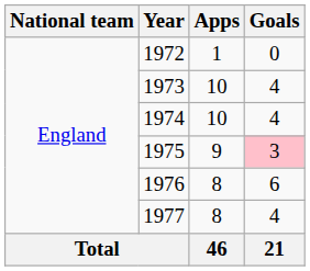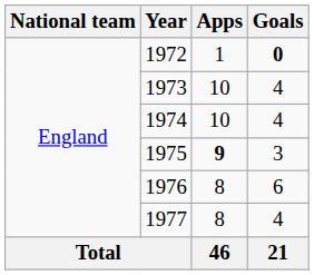 <table class="wikitable" style="text-align: center;">
 <tr>
 <th>National team</th>
 <th>Year</th>
 <th>Apps</th>
 <th>Goals</th>
 </tr>
 <tr>
 <td rowspan="6"><a href='#'>England</a></td>
 <td>1972</td>
 <td>1</td>
-<td>0</td>
+<td><strong>0</strong></td>
 </tr>
 <tr>
 <td>1973</td>
 <td>10</td>
 <td>4</td>
 </tr>
 <tr>
 <td>1974</td>
 <td>10</td>
 <td>4</td>
 </tr>
 <tr>
 <td>1975</td>
-<td>9</td>
-<td style="background: pink;">3</td>
+<td><strong>9</strong></td>
+<td>3</td>
 </tr>
 <tr>
 <td>1976</td>
 <td>8</td>
 <td>6</td>
 </tr>
 <tr>
 <td>1977</td>
 <td>8</td>
 <td>4</td>
 </tr>
 <tr>
 <th colspan="2">Total</th>
 <th>46</th>
 <th>21</th>
 </tr>
 </table>
